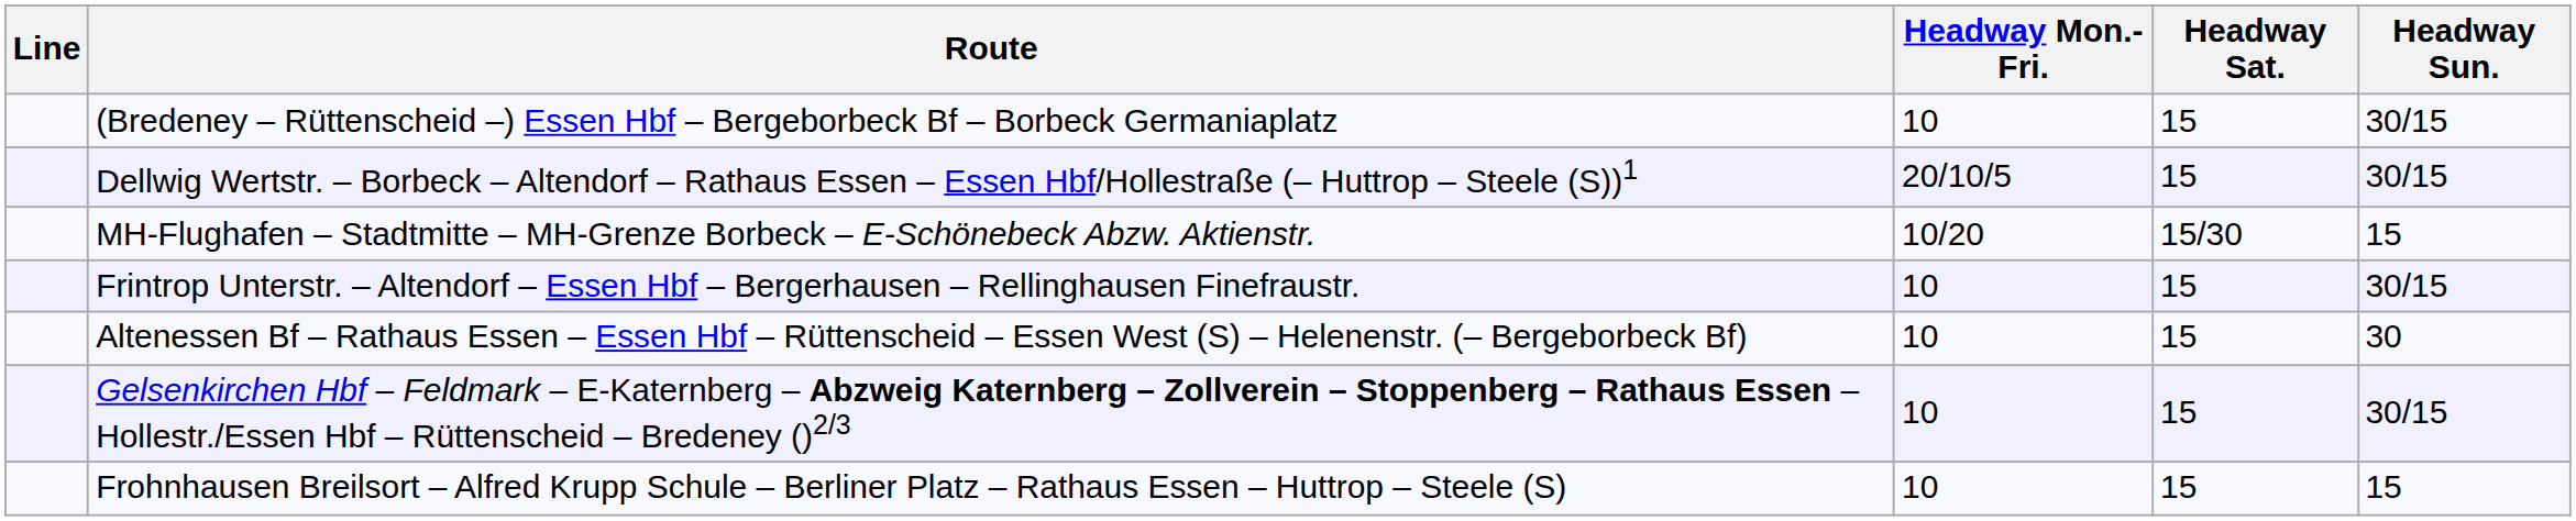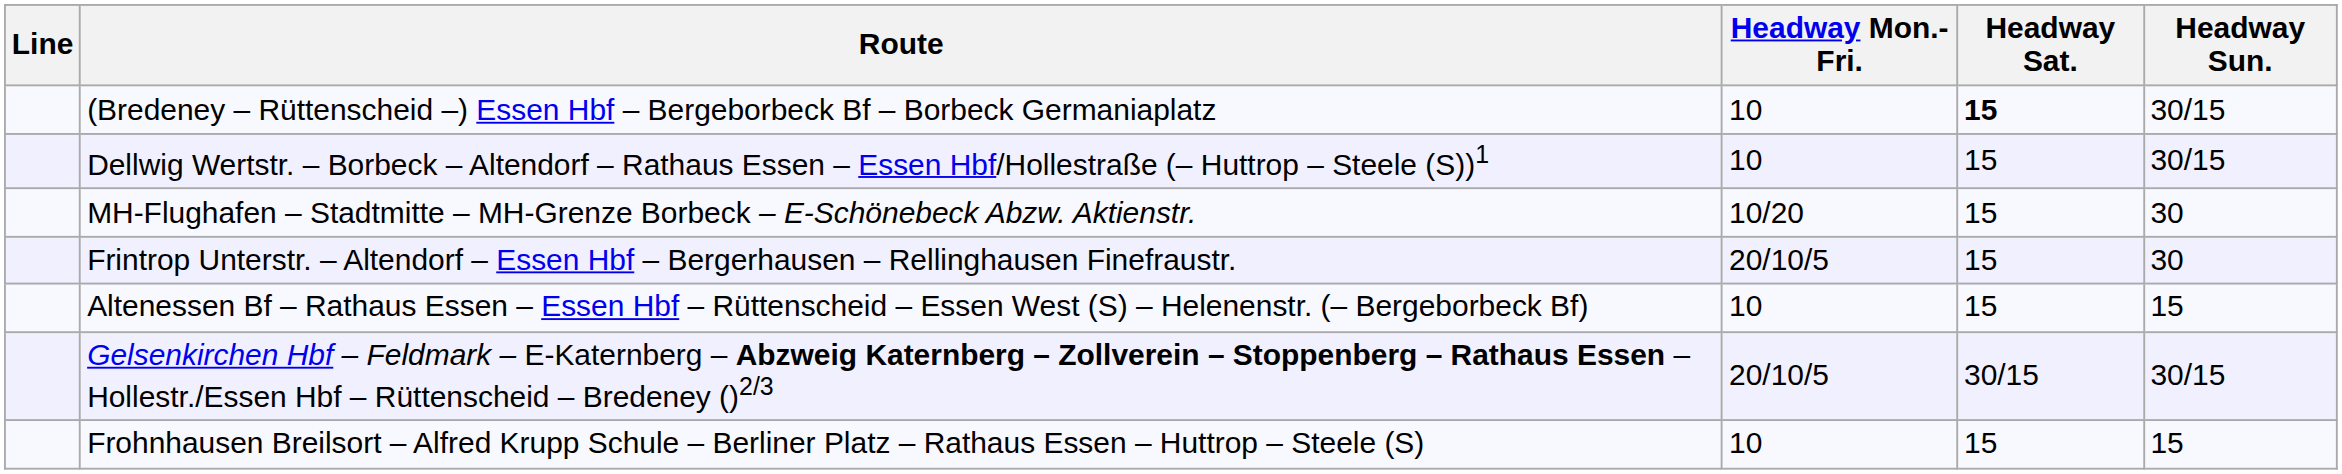 <table class="wikitable">
 <tr>
 <th>Line</th>
 <th>Route</th>
 <th><a href='#'>Headway</a> Mon.-Fri.</th>
 <th>Headway Sat.</th>
 <th>Headway Sun.</th>
 </tr>
 <tr style="background-color: #f8f8ff">
 <td></td>
 <td>(Bredeney – Rüttenscheid –) <a href='#'>Essen Hbf</a> – Bergeborbeck Bf – Borbeck Germaniaplatz</td>
 <td>10</td>
-<td>15</td>
+<td><strong>15</strong></td>
 <td>30/15</td>
 </tr>
 <tr style="background-color: #f0f0ff">
 <td></td>
 <td>Dellwig Wertstr. – Borbeck – Altendorf – Rathaus Essen – <a href='#'>Essen Hbf</a>/Hollestraße (– Huttrop – Steele (S))<sup>1</sup></td>
-<td>20/10/5</td>
+<td>10</td>
 <td>15</td>
 <td>30/15</td>
 </tr>
 <tr style="background-color: #f8f8ff">
 <td></td>
 <td>MH-Flughafen – Stadtmitte – MH-Grenze Borbeck<em> – E-Schönebeck Abzw. Aktienstr.</em></td>
 <td>10/20</td>
-<td>15/30</td>
 <td>15</td>
+<td>30</td>
 </tr>
 <tr style="background-color: #f0f0ff">
 <td></td>
 <td>Frintrop Unterstr. – Altendorf – <a href='#'>Essen Hbf</a> – Bergerhausen – Rellinghausen Finefraustr.</td>
-<td>10</td>
+<td>20/10/5</td>
 <td>15</td>
-<td>30/15</td>
+<td>30</td>
 </tr>
 <tr style="background-color: #f8f8ff">
 <td></td>
 <td>Altenessen Bf – Rathaus Essen – <a href='#'>Essen Hbf</a> – Rüttenscheid – Essen West (S) – Helenenstr. (– Bergeborbeck Bf)</td>
 <td>10</td>
 <td>15</td>
-<td>30</td>
+<td>15</td>
 </tr>
 <tr style="background-color: #f0f0ff">
 <td></td>
 <td><em><a href='#'>Gelsenkirchen Hbf</a> – Feldmark –</em> E-Katernberg – <strong>Abzweig Katernberg – Zollverein – Stoppenberg – Rathaus Essen</strong> – Hollestr./Essen Hbf – Rüttenscheid – Bredeney ()<sup>2/3</sup></td>
-<td>10</td>
-<td>15</td>
+<td>20/10/5</td>
+<td>30/15</td>
 <td>30/15</td>
 </tr>
 <tr style="background-color: #f8f8ff">
 <td></td>
 <td>Frohnhausen Breilsort – Alfred Krupp Schule  – Berliner Platz – Rathaus Essen – Huttrop – Steele (S)</td>
 <td>10</td>
 <td>15</td>
 <td>15</td>
 </tr>
 </table>
